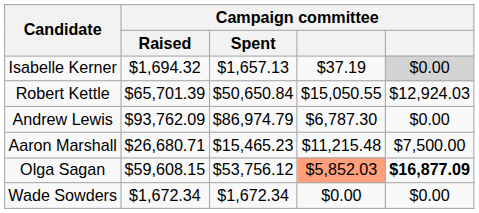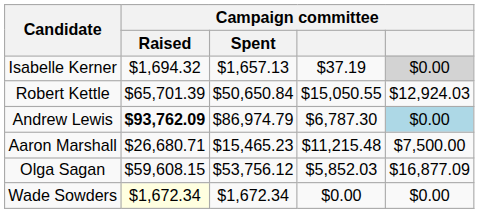 <table class="wikitable sortable" style="font-size:90%;text-align:center;">
 <tr>
 <th rowspan="2">Candidate</th>
 <th colspan="7">Campaign committee</th>
 </tr>
 <tr>
 <th>Raised</th>
 <th>Spent</th>
 <th data-sort-type=currency></th>
 <th></th>
 </tr>
 <tr>
 <td>Isabelle Kerner</td>
 <td>$1,694.32</td>
 <td>$1,657.13</td>
 <td>$37.19</td>
 <td style="background: lightgrey;">$0.00</td>
 </tr>
 <tr>
 <td>Robert Kettle</td>
 <td>$65,701.39</td>
 <td>$50,650.84</td>
 <td>$15,050.55</td>
 <td>$12,924.03</td>
 </tr>
 <tr>
 <td>Andrew Lewis</td>
-<td>$93,762.09</td>
+<td><strong>$93,762.09</strong></td>
 <td>$86,974.79</td>
 <td>$6,787.30</td>
-<td>$0.00</td>
+<td style="background: lightblue;">$0.00</td>
 </tr>
 <tr>
 <td>Aaron Marshall</td>
 <td>$26,680.71</td>
 <td>$15,465.23</td>
 <td>$11,215.48</td>
 <td>$7,500.00</td>
 </tr>
 <tr>
 <td>Olga Sagan</td>
 <td>$59,608.15</td>
 <td>$53,756.12</td>
-<td style="background: lightsalmon;">$5,852.03</td>
-<td><strong>$16,877.09</strong></td>
+<td>$5,852.03</td>
+<td>$16,877.09</td>
 </tr>
 <tr>
 <td>Wade Sowders</td>
-<td>$1,672.34</td>
+<td style="background: lightyellow;">$1,672.34</td>
 <td>$1,672.34</td>
 <td>$0.00</td>
 <td>$0.00</td>
 </tr>
 </table>
